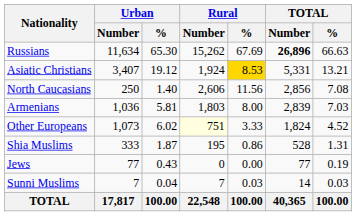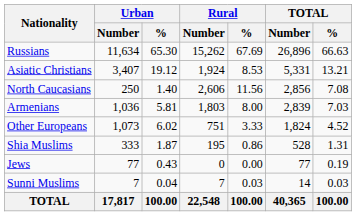 <table class="wikitable sortable">
 <tr>
 <th rowspan="2">Nationality</th>
 <th colspan="2"><a href='#'>Urban</a></th>
 <th colspan="2"><a href='#'>Rural</a></th>
 <th colspan="2">TOTAL</th>
 </tr>
 <tr>
 <th>Number</th>
 <th>%</th>
 <th>Number</th>
 <th>%</th>
 <th>Number</th>
 <th>%</th>
 </tr>
 <tr>
 <td><a href='#'>Russians</a></td>
 <td align="right">11,634</td>
 <td align="right">65.30</td>
 <td align="right">15,262</td>
 <td align="right">67.69</td>
-<td align="right"><strong>26,896</strong></td>
+<td align="right">26,896</td>
 <td align="right">66.63</td>
 </tr>
 <tr>
 <td><a href='#'>Asiatic Christians</a></td>
 <td align="right">3,407</td>
 <td align="right">19.12</td>
 <td align="right">1,924</td>
-<td align="right" style="background: gold;">8.53</td>
+<td align="right">8.53</td>
 <td align="right">5,331</td>
 <td align="right">13.21</td>
 </tr>
 <tr>
 <td><a href='#'>North Caucasians</a></td>
 <td align="right">250</td>
 <td align="right">1.40</td>
 <td align="right">2,606</td>
 <td align="right">11.56</td>
 <td align="right">2,856</td>
 <td align="right">7.08</td>
 </tr>
 <tr>
 <td><a href='#'>Armenians</a></td>
 <td align="right">1,036</td>
 <td align="right">5.81</td>
 <td align="right">1,803</td>
 <td align="right">8.00</td>
 <td align="right">2,839</td>
 <td align="right">7.03</td>
 </tr>
 <tr>
 <td><a href='#'>Other Europeans</a></td>
 <td align="right">1,073</td>
 <td align="right">6.02</td>
-<td align="right" style="background: lightyellow;">751</td>
+<td align="right">751</td>
 <td align="right">3.33</td>
 <td align="right">1,824</td>
 <td align="right">4.52</td>
 </tr>
 <tr>
 <td><a href='#'>Shia Muslims</a></td>
 <td align="right">333</td>
 <td align="right">1.87</td>
 <td align="right">195</td>
 <td align="right">0.86</td>
 <td align="right">528</td>
 <td align="right">1.31</td>
 </tr>
 <tr>
 <td><a href='#'>Jews</a></td>
 <td align="right">77</td>
 <td align="right">0.43</td>
 <td align="right">0</td>
 <td align="right">0.00</td>
 <td align="right">77</td>
 <td align="right">0.19</td>
 </tr>
 <tr>
 <td><a href='#'>Sunni Muslims</a></td>
 <td align="right">7</td>
 <td align="right">0.04</td>
 <td align="right">7</td>
 <td align="right">0.03</td>
 <td align="right">14</td>
 <td align="right">0.03</td>
 </tr>
 <tr>
 <th>TOTAL</th>
 <th>17,817</th>
 <th>100.00</th>
 <th>22,548</th>
 <th>100.00</th>
 <th>40,365</th>
 <th>100.00</th>
 </tr>
 </table>
